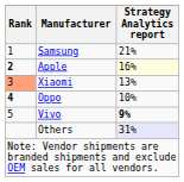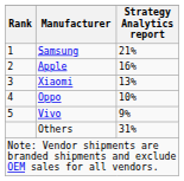 <table class="wikitable floatright" style="font-size: 87%;">
 <tr>
 </tr>
 <tr>
 <th>Rank</th>
 <th>Manufacturer</th>
 <th>Strategy<br> Analytics<br> report</th>
 </tr>
 <tr>
 <td>1</td>
 <td><a href='#'>Samsung</a></td>
 <td>21%</td>
 </tr>
 <tr>
-<td><strong>2</strong></td>
+<td>2</td>
 <td><a href='#'>Apple</a></td>
-<td style="background: lightyellow;">16%</td>
+<td>16%</td>
 </tr>
 <tr>
-<td style="background: lightsalmon;">3</td>
+<td>3</td>
 <td><a href='#'>Xiaomi</a></td>
 <td>13%</td>
 </tr>
 <tr>
-<td><strong>4</strong></td>
+<td>4</td>
 <td><a href='#'>Oppo</a></td>
 <td>10%</td>
 </tr>
 <tr>
 <td>5</td>
 <td><a href='#'>Vivo</a></td>
-<td><strong>9%</strong></td>
+<td>9%</td>
 </tr>
 <tr>
 <td></td>
 <td>Others</td>
-<td style="background: lavender;">31%</td>
+<td>31%</td>
 </tr>
 <tr>
 <td colspan=5>Note: Vendor shipments are<br> branded shipments and exclude<br> <a href='#'>OEM</a> sales for all vendors.</td>
 </tr>
 </table>
